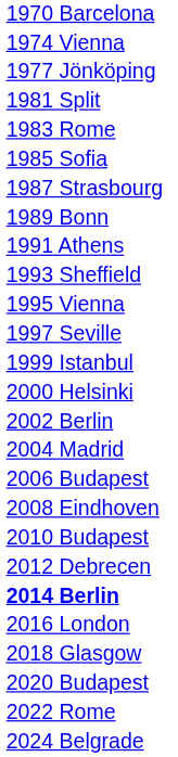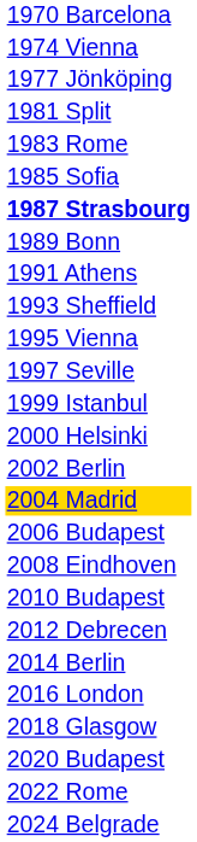 <table>
 <tr>
 <td><a href='#'>1970 Barcelona</a></td>
 <td></td>
 <td></td>
 <td></td>
 </tr>
 <tr>
 <td><a href='#'>1974 Vienna</a></td>
 <td></td>
 <td></td>
 <td></td>
 </tr>
 <tr>
 <td><a href='#'>1977 Jönköping</a></td>
 <td></td>
 <td></td>
 <td></td>
 </tr>
 <tr>
 <td><a href='#'>1981 Split</a></td>
 <td></td>
 <td></td>
 <td></td>
 </tr>
 <tr>
 <td><a href='#'>1983 Rome</a></td>
 <td></td>
 <td></td>
 <td></td>
 </tr>
 <tr>
 <td><a href='#'>1985 Sofia</a></td>
 <td></td>
 <td></td>
 <td></td>
 </tr>
 <tr>
-<td><a href='#'>1987 Strasbourg</a></td>
+<td><strong><a href='#'>1987 Strasbourg</a></strong></td>
 <td></td>
 <td></td>
 <td></td>
 </tr>
 <tr>
 <td><a href='#'>1989 Bonn</a></td>
 <td></td>
 <td></td>
 <td></td>
 </tr>
 <tr>
 <td><a href='#'>1991 Athens</a></td>
 <td></td>
 <td></td>
 <td></td>
 </tr>
 <tr>
 <td><a href='#'>1993 Sheffield</a></td>
 <td></td>
 <td></td>
 <td></td>
 </tr>
 <tr>
 <td><a href='#'>1995 Vienna</a></td>
 <td></td>
 <td></td>
 <td></td>
 </tr>
 <tr>
 <td><a href='#'>1997 Seville</a></td>
 <td></td>
 <td></td>
 <td></td>
 </tr>
 <tr>
 <td><a href='#'>1999 Istanbul</a></td>
 <td></td>
 <td></td>
 <td></td>
 </tr>
 <tr>
 <td><a href='#'>2000 Helsinki</a></td>
 <td></td>
 <td></td>
 <td></td>
 </tr>
 <tr>
 <td><a href='#'>2002 Berlin</a></td>
 <td></td>
 <td></td>
 <td></td>
 </tr>
 <tr>
-<td><a href='#'>2004 Madrid</a></td>
+<td style="background: gold;"><a href='#'>2004 Madrid</a></td>
 <td></td>
 <td></td>
 <td></td>
 </tr>
 <tr>
 <td><a href='#'>2006 Budapest</a></td>
 <td></td>
 <td></td>
 <td></td>
 </tr>
 <tr>
 <td><a href='#'>2008 Eindhoven</a></td>
 <td></td>
 <td></td>
 <td></td>
 </tr>
 <tr>
 <td><a href='#'>2010 Budapest</a></td>
 <td></td>
 <td></td>
 <td></td>
 </tr>
 <tr>
 <td><a href='#'>2012 Debrecen</a></td>
 <td></td>
 <td></td>
 <td></td>
 </tr>
 <tr>
-<td><strong><a href='#'>2014 Berlin</a></strong></td>
+<td><a href='#'>2014 Berlin</a></td>
 <td></td>
 <td></td>
 <td></td>
 </tr>
 <tr>
 <td><a href='#'>2016 London</a></td>
 <td></td>
 <td></td>
 <td></td>
 </tr>
 <tr>
 <td><a href='#'>2018 Glasgow</a></td>
 <td></td>
 <td></td>
 <td></td>
 </tr>
 <tr>
 <td><a href='#'>2020 Budapest</a></td>
 <td></td>
 <td></td>
 <td></td>
 </tr>
 <tr>
 <td><a href='#'>2022 Rome</a></td>
 <td></td>
 <td></td>
 <td></td>
 </tr>
 <tr>
 <td><a href='#'>2024 Belgrade</a></td>
 <td></td>
 <td></td>
 <td></td>
 </tr>
 </table>
